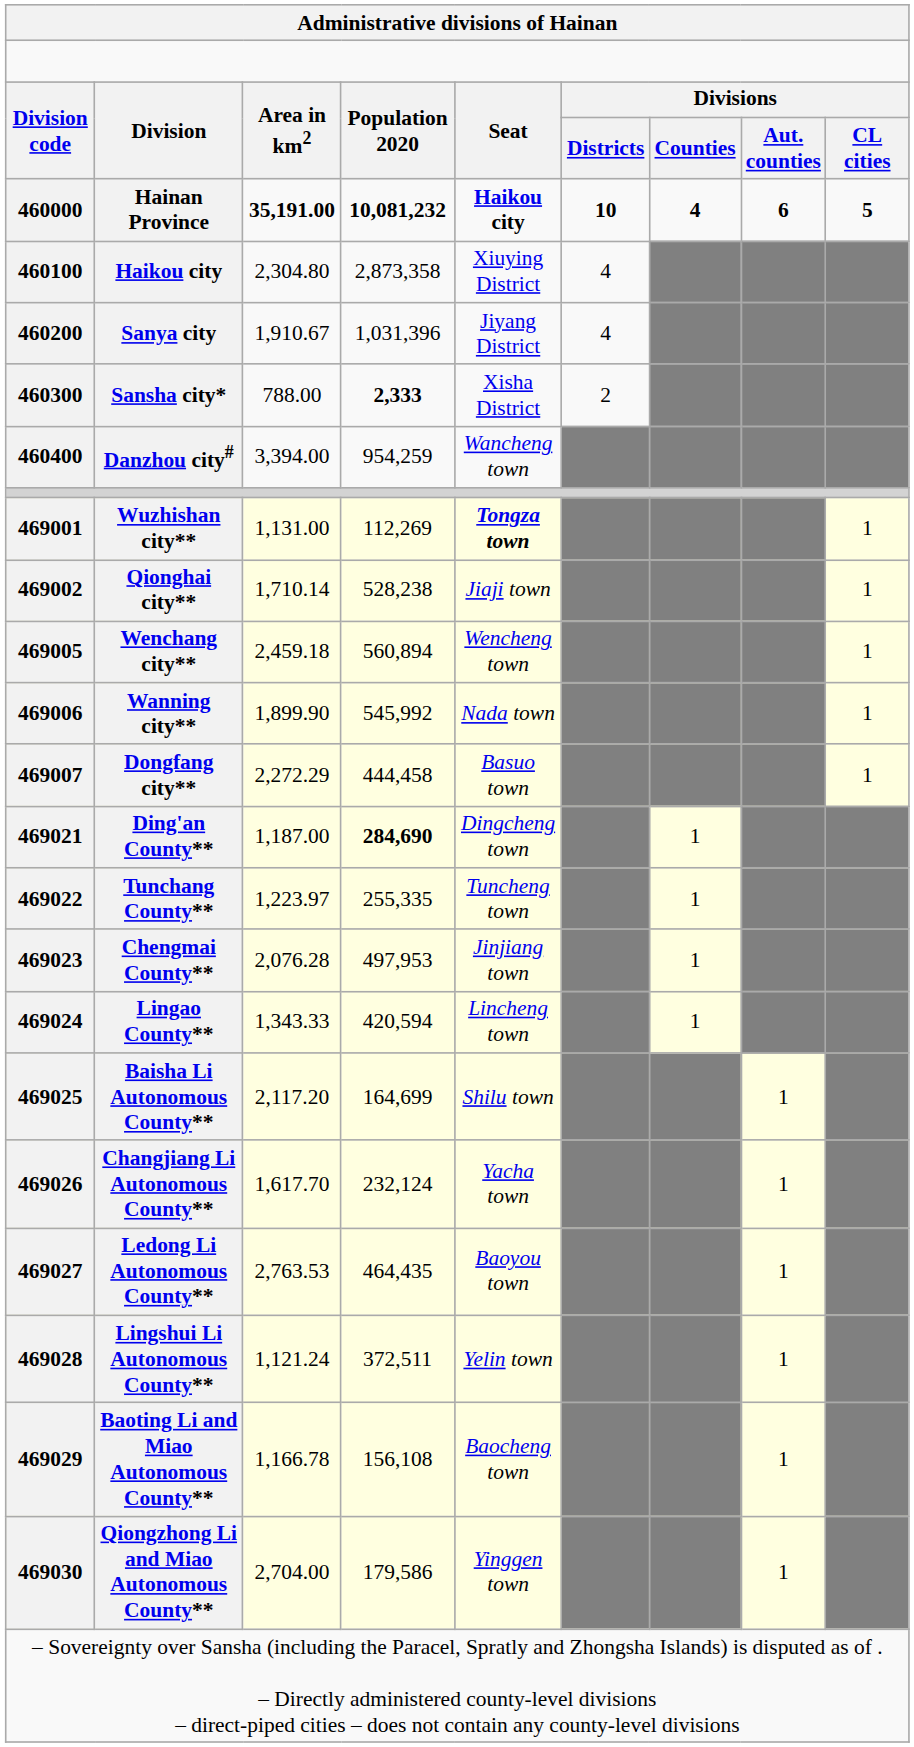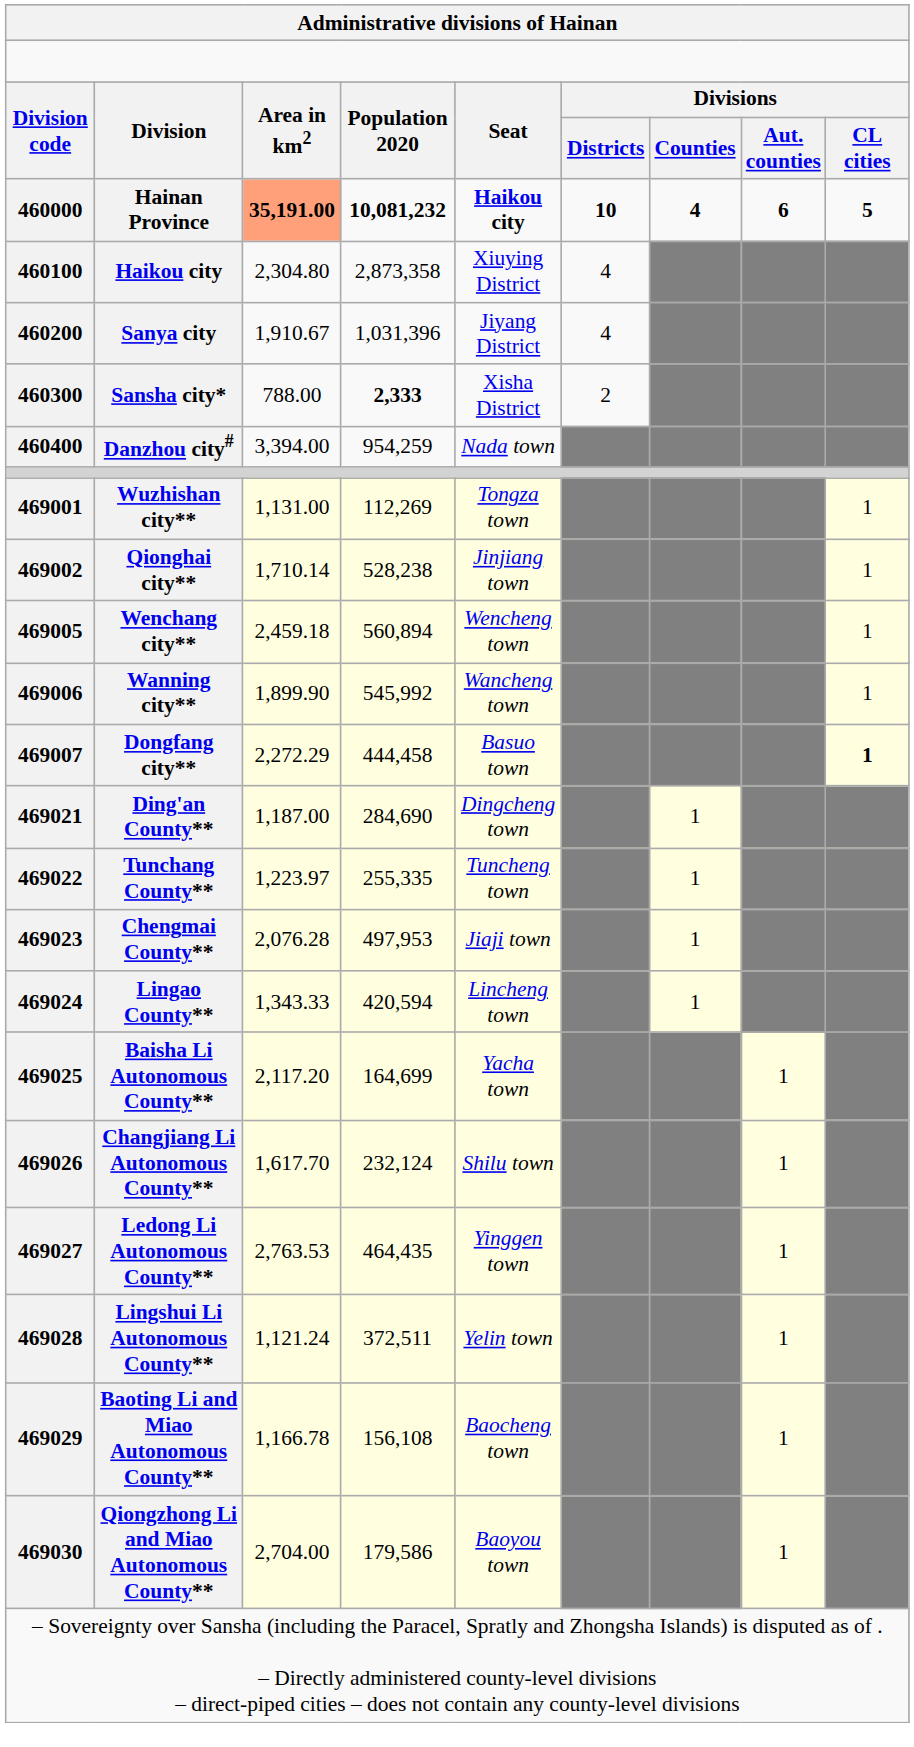 <table class="wikitable" style="margin:1em auto 1em auto; width:90%; font-size:smaller; text-align:center">
 <tr>
 <th colspan="9">Administrative divisions of Hainan</th>
 </tr>
 <tr>
 <td colspan="9" style="font-size:larger"><div><br>                      </div></td>
 </tr>
 <tr>
 <th ! scope="col" rowspan="2"><a href='#'>Division code</a></th>
 <th ! scope="col" rowspan="2">Division</th>
 <th ! scope="col" rowspan="2">Area in km<sup>2</sup></th>
 <th ! scope="col" rowspan="2">Population 2020</th>
 <th ! scope="col" rowspan="2">Seat</th>
 <th ! scope="col" colspan="4">Divisions</th>
 </tr>
 <tr>
 <th ! scope="col" width="45"><a href='#'>Districts</a></th>
 <th ! scope="col" width="45"><a href='#'>Counties</a></th>
 <th ! scope="col" width="45"><a href='#'>Aut. counties</a></th>
 <th ! scope="col" width="45"><a href='#'>CL cities</a></th>
 </tr>
 <tr style="font-weight: bold">
 <th>460000</th>
 <th>Hainan Province</th>
-<td>35,191.00</td>
+<td style="background: lightsalmon;">35,191.00</td>
 <td>10,081,232</td>
 <td><a href='#'>Haikou</a> city</td>
 <td>10</td>
 <td>4</td>
 <td>6</td>
 <td>5</td>
 </tr>
 <tr>
 <th>460100</th>
 <th><a href='#'>Haikou</a> city</th>
 <td>2,304.80</td>
 <td>2,873,358</td>
 <td><a href='#'>Xiuying District</a></td>
 <td>4</td>
 <td bgcolor="grey"></td>
 <td bgcolor="grey"></td>
 <td bgcolor="grey"></td>
 </tr>
 <tr>
 <th>460200</th>
 <th><a href='#'>Sanya</a> city</th>
 <td>1,910.67</td>
 <td>1,031,396</td>
 <td><a href='#'>Jiyang District</a></td>
 <td>4</td>
 <td bgcolor="grey"></td>
 <td bgcolor="grey"></td>
 <td bgcolor="grey"></td>
 </tr>
 <tr>
 <th>460300</th>
 <th><a href='#'>Sansha</a> city*</th>
 <td>788.00</td>
 <td><strong>2,333</strong></td>
 <td><a href='#'>Xisha District</a></td>
 <td>2</td>
 <td bgcolor="grey"></td>
 <td bgcolor="grey"></td>
 <td bgcolor="grey"></td>
 </tr>
 <tr>
 <th>460400</th>
 <th><a href='#'>Danzhou</a> city<sup>#</sup></th>
 <td>3,394.00</td>
 <td>954,259</td>
-<td><em><a href='#'>Wancheng</a> town</em></td>
+<td><em><a href='#'>Nada</a> town</em></td>
 <td bgcolor="grey"></td>
 <td bgcolor="grey"></td>
 <td bgcolor="grey"></td>
 <td bgcolor="grey"></td>
 </tr>
 <tr style = "background:lightgrey; height: 2pt">
 <td colspan = "12"></td>
 </tr>
 <tr bgcolor="lightyellow">
 <th>469001</th>
 <th><a href='#'>Wuzhishan</a> city**</th>
 <td>1,131.00</td>
 <td>112,269</td>
-<td><strong><em><a href='#'>Tongza</a> town</em></strong></td>
+<td><em><a href='#'>Tongza</a> town</em></td>
 <td bgcolor="grey"></td>
 <td bgcolor="grey"></td>
 <td bgcolor="grey"></td>
 <td>1</td>
 </tr>
 <tr bgcolor="lightyellow">
 <th>469002</th>
 <th><a href='#'>Qionghai</a> city**</th>
 <td>1,710.14</td>
 <td>528,238</td>
-<td><em><a href='#'>Jiaji</a> town</em></td>
+<td><em><a href='#'>Jinjiang</a> town</em></td>
 <td bgcolor="grey"></td>
 <td bgcolor="grey"></td>
 <td bgcolor="grey"></td>
 <td>1</td>
 </tr>
 <tr bgcolor="lightyellow">
 <th>469005</th>
 <th><a href='#'>Wenchang</a> city**</th>
 <td>2,459.18</td>
 <td>560,894</td>
 <td><em><a href='#'>Wencheng</a> town</em></td>
 <td bgcolor="grey"></td>
 <td bgcolor="grey"></td>
 <td bgcolor="grey"></td>
 <td>1</td>
 </tr>
 <tr bgcolor="lightyellow">
 <th>469006</th>
 <th><a href='#'>Wanning</a> city**</th>
 <td>1,899.90</td>
 <td>545,992</td>
-<td><em><a href='#'>Nada</a> town</em></td>
+<td><em><a href='#'>Wancheng</a> town</em></td>
 <td bgcolor="grey"></td>
 <td bgcolor="grey"></td>
 <td bgcolor="grey"></td>
 <td>1</td>
 </tr>
 <tr bgcolor="lightyellow">
 <th>469007</th>
 <th><a href='#'>Dongfang</a> city**</th>
 <td>2,272.29</td>
 <td>444,458</td>
 <td><em><a href='#'>Basuo</a> town</em></td>
 <td bgcolor="grey"></td>
 <td bgcolor="grey"></td>
 <td bgcolor="grey"></td>
-<td>1</td>
+<td><strong>1</strong></td>
 </tr>
 <tr bgcolor="lightyellow">
 <th>469021</th>
 <th><a href='#'>Ding'an County</a>**</th>
 <td>1,187.00</td>
-<td><strong>284,690</strong></td>
+<td>284,690</td>
 <td><em><a href='#'>Dingcheng</a> town</em></td>
 <td bgcolor="grey"></td>
 <td>1</td>
 <td bgcolor="grey"></td>
 <td bgcolor="grey"></td>
 </tr>
 <tr bgcolor="lightyellow">
 <th>469022</th>
 <th><a href='#'>Tunchang County</a>**</th>
 <td>1,223.97</td>
 <td>255,335</td>
 <td><em><a href='#'>Tuncheng</a> town</em></td>
 <td bgcolor="grey"></td>
 <td>1</td>
 <td bgcolor="grey"></td>
 <td bgcolor="grey"></td>
 </tr>
 <tr bgcolor="lightyellow">
 <th>469023</th>
 <th><a href='#'>Chengmai County</a>**</th>
 <td>2,076.28</td>
 <td>497,953</td>
-<td><em><a href='#'>Jinjiang</a> town</em></td>
+<td><em><a href='#'>Jiaji</a> town</em></td>
 <td bgcolor="grey"></td>
 <td>1</td>
 <td bgcolor="grey"></td>
 <td bgcolor="grey"></td>
 </tr>
 <tr bgcolor="lightyellow">
 <th>469024</th>
 <th><a href='#'>Lingao County</a>**</th>
 <td>1,343.33</td>
 <td>420,594</td>
 <td><em><a href='#'>Lincheng</a> town</em></td>
 <td bgcolor="grey"></td>
 <td>1</td>
 <td bgcolor="grey"></td>
 <td bgcolor="grey"></td>
 </tr>
 <tr bgcolor="lightyellow">
 <th>469025</th>
 <th><a href='#'>Baisha Li Autonomous County</a>**</th>
 <td>2,117.20</td>
 <td>164,699</td>
-<td><em><a href='#'>Shilu</a> town</em></td>
+<td><em><a href='#'>Yacha</a> town</em></td>
 <td bgcolor="grey"></td>
 <td bgcolor="grey"></td>
 <td>1</td>
 <td bgcolor="grey"></td>
 </tr>
 <tr bgcolor="lightyellow">
 <th>469026</th>
 <th><a href='#'>Changjiang Li Autonomous County</a>**</th>
 <td>1,617.70</td>
 <td>232,124</td>
-<td><em><a href='#'>Yacha</a> town</em></td>
+<td><em><a href='#'>Shilu</a> town</em></td>
 <td bgcolor="grey"></td>
 <td bgcolor="grey"></td>
 <td>1</td>
 <td bgcolor="grey"></td>
 </tr>
 <tr bgcolor="lightyellow">
 <th>469027</th>
 <th><a href='#'>Ledong Li Autonomous County</a>**</th>
 <td>2,763.53</td>
 <td>464,435</td>
-<td><em><a href='#'>Baoyou</a> town</em></td>
+<td><em><a href='#'>Yinggen</a> town</em></td>
 <td bgcolor="grey"></td>
 <td bgcolor="grey"></td>
 <td>1</td>
 <td bgcolor="grey"></td>
 </tr>
 <tr bgcolor="lightyellow">
 <th>469028</th>
 <th><a href='#'>Lingshui Li Autonomous County</a>**</th>
 <td>1,121.24</td>
 <td>372,511</td>
 <td><em><a href='#'>Yelin</a> town</em></td>
 <td bgcolor="grey"></td>
 <td bgcolor="grey"></td>
 <td>1</td>
 <td bgcolor="grey"></td>
 </tr>
 <tr bgcolor="lightyellow">
 <th>469029</th>
 <th><a href='#'>Baoting Li and Miao Autonomous County</a>**</th>
 <td>1,166.78</td>
 <td>156,108</td>
 <td><em><a href='#'>Baocheng</a> town</em></td>
 <td bgcolor="grey"></td>
 <td bgcolor="grey"></td>
 <td>1</td>
 <td bgcolor="grey"></td>
 </tr>
 <tr bgcolor="lightyellow">
 <th>469030</th>
 <th><a href='#'>Qiongzhong Li and Miao Autonomous County</a>**</th>
 <td>2,704.00</td>
 <td>179,586</td>
-<td><em><a href='#'>Yinggen</a> town</em></td>
+<td><em><a href='#'>Baoyou</a> town</em></td>
 <td bgcolor="grey"></td>
 <td bgcolor="grey"></td>
 <td>1</td>
 <td bgcolor="grey"></td>
 </tr>
 <tr>
 <td colspan = "12"> – Sovereignty over Sansha (including the Paracel, Spratly and Zhongsha Islands) is disputed as of   .<br><br> – Directly administered county-level divisions<br> – direct-piped cities – does not contain any county-level divisions</td>
 </tr>
 </table>
